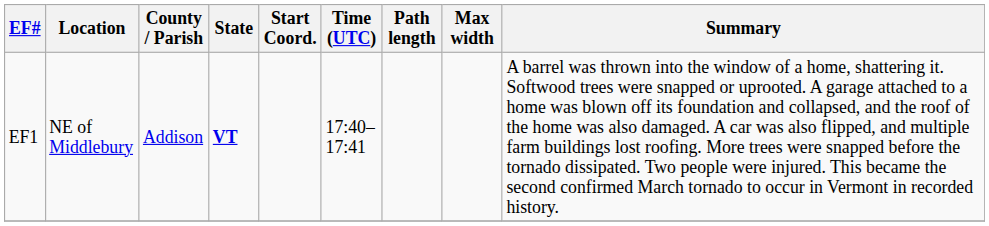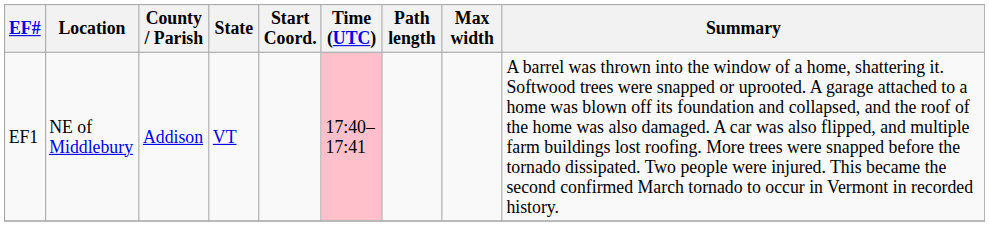 <table class="wikitable sortable" style="width:100%;">
 <tr>
 <th scope="col"  style="width:3%; text-align:center;"><a href='#'>EF#</a></th>
 <th scope="col"  style="width:7%; text-align:center;" class="unsortable">Location</th>
 <th scope="col"  style="width:6%; text-align:center;" class="unsortable">County / Parish</th>
 <th scope="col"  style="width:5%; text-align:center;">State</th>
 <th scope="col"  style="width:6%; text-align:center;">Start Coord.</th>
 <th scope="col"  style="width:6%; text-align:center;">Time (<a href='#'>UTC</a>)</th>
 <th scope="col"  style="width:6%; text-align:center;">Path length</th>
 <th scope="col"  style="width:6%; text-align:center;">Max width</th>
 <th scope="col" class="unsortable" style="width:48%; text-align:center;">Summary</th>
 </tr>
 <tr>
 <td>EF1</td>
 <td>NE of <a href='#'>Middlebury</a></td>
 <td><a href='#'>Addison</a></td>
-<td><strong><a href='#'>VT</a></strong></td>
+<td><a href='#'>VT</a></td>
 <td></td>
-<td>17:40–17:41</td>
+<td style="background: pink;">17:40–17:41</td>
 <td></td>
 <td></td>
 <td>A barrel was thrown into the window of a home, shattering it. Softwood trees were snapped or uprooted. A garage attached to a home was blown off its foundation and collapsed, and the roof of the home was also damaged. A car was also flipped, and multiple farm buildings lost roofing. More trees were snapped before the tornado dissipated. Two people were injured. This became the second confirmed March tornado to occur in Vermont in recorded history.</td>
 </tr>
 <tr>
 </tr>
 </table>
